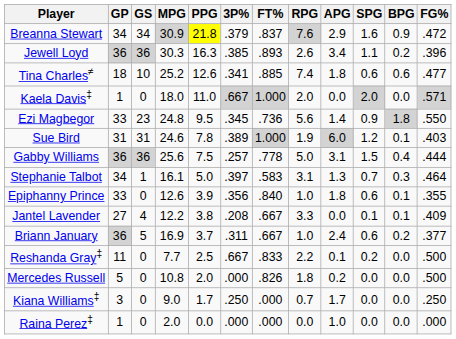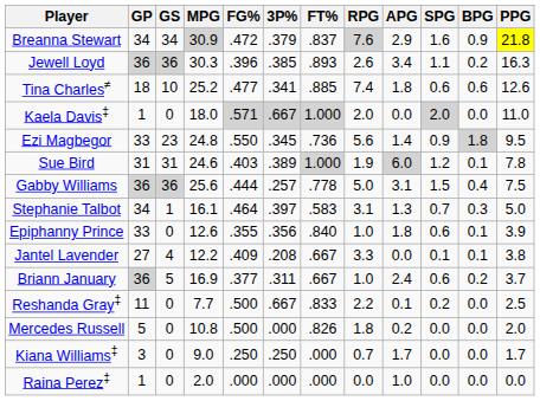 <table class="wikitable sortable" style="text-align:center">
 <tr>
 <th>Player</th>
 <th>GP</th>
 <th>GS</th>
 <th>MPG</th>
-<th>PPG</th>
+<th>FG%</th>
 <th>3P%</th>
 <th>FT%</th>
 <th>RPG</th>
 <th>APG</th>
 <th>SPG</th>
 <th>BPG</th>
-<th>FG%</th>
+<th>PPG</th>
 </tr>
 <tr>
 <td><a href='#'>Breanna Stewart</a></td>
 <td>34</td>
 <td>34</td>
 <td style="background:#D3D3D3;">30.9</td>
-<td style="background:yellow;">21.8</td>
+<td>.472</td>
 <td>.379</td>
 <td>.837</td>
 <td style="background:#D3D3D3;">7.6</td>
 <td>2.9</td>
 <td>1.6</td>
 <td>0.9</td>
-<td>.472</td>
+<td style="background:yellow;">21.8</td>
 </tr>
 <tr>
 <td><a href='#'>Jewell Loyd</a></td>
 <td style="background:#D3D3D3;">36</td>
 <td style="background:#D3D3D3;">36</td>
 <td>30.3</td>
-<td>16.3</td>
+<td>.396</td>
 <td>.385</td>
 <td>.893</td>
 <td>2.6</td>
 <td>3.4</td>
 <td>1.1</td>
 <td>0.2</td>
-<td>.396</td>
+<td>16.3</td>
 </tr>
 <tr>
 <td><a href='#'>Tina Charles</a><sup>≠</sup></td>
 <td>18</td>
 <td>10</td>
 <td>25.2</td>
-<td>12.6</td>
+<td>.477</td>
 <td>.341</td>
 <td>.885</td>
 <td>7.4</td>
 <td>1.8</td>
 <td>0.6</td>
 <td>0.6</td>
-<td>.477</td>
+<td>12.6</td>
 </tr>
 <tr>
 <td><a href='#'>Kaela Davis</a><sup>‡</sup></td>
 <td>1</td>
 <td>0</td>
 <td>18.0</td>
-<td>11.0</td>
+<td style="background:#D3D3D3;">.571</td>
 <td style="background:#D3D3D3;">.667</td>
 <td style="background:#D3D3D3;">1.000</td>
 <td>2.0</td>
 <td>0.0</td>
 <td style="background:#D3D3D3;">2.0</td>
 <td>0.0</td>
-<td style="background:#D3D3D3;">.571</td>
+<td>11.0</td>
 </tr>
 <tr>
 <td><a href='#'>Ezi Magbegor</a></td>
 <td>33</td>
 <td>23</td>
 <td>24.8</td>
-<td>9.5</td>
+<td>.550</td>
 <td>.345</td>
 <td>.736</td>
 <td>5.6</td>
 <td>1.4</td>
 <td>0.9</td>
 <td style="background:#D3D3D3;">1.8</td>
-<td>.550</td>
+<td>9.5</td>
 </tr>
 <tr>
 <td><a href='#'>Sue Bird</a></td>
 <td>31</td>
 <td>31</td>
 <td>24.6</td>
-<td>7.8</td>
+<td>.403</td>
 <td>.389</td>
 <td style="background:#D3D3D3;">1.000</td>
 <td>1.9</td>
 <td style="background:#D3D3D3;">6.0</td>
 <td>1.2</td>
 <td>0.1</td>
-<td>.403</td>
+<td>7.8</td>
 </tr>
 <tr>
 <td><a href='#'>Gabby Williams</a></td>
 <td style="background:#D3D3D3;">36</td>
 <td style="background:#D3D3D3;">36</td>
 <td>25.6</td>
-<td>7.5</td>
+<td>.444</td>
 <td>.257</td>
 <td>.778</td>
 <td>5.0</td>
 <td>3.1</td>
 <td>1.5</td>
 <td>0.4</td>
-<td>.444</td>
+<td>7.5</td>
 </tr>
 <tr>
 <td><a href='#'>Stephanie Talbot</a></td>
 <td>34</td>
 <td>1</td>
 <td>16.1</td>
-<td>5.0</td>
+<td>.464</td>
 <td>.397</td>
 <td>.583</td>
 <td>3.1</td>
 <td>1.3</td>
 <td>0.7</td>
 <td>0.3</td>
-<td>.464</td>
+<td>5.0</td>
 </tr>
 <tr>
 <td><a href='#'>Epiphanny Prince</a></td>
 <td>33</td>
 <td>0</td>
 <td>12.6</td>
-<td>3.9</td>
+<td>.355</td>
 <td>.356</td>
 <td>.840</td>
 <td>1.0</td>
 <td>1.8</td>
 <td>0.6</td>
 <td>0.1</td>
-<td>.355</td>
+<td>3.9</td>
 </tr>
 <tr>
 <td><a href='#'>Jantel Lavender</a></td>
 <td>27</td>
 <td>4</td>
 <td>12.2</td>
-<td>3.8</td>
+<td>.409</td>
 <td>.208</td>
 <td>.667</td>
 <td>3.3</td>
 <td>0.0</td>
 <td>0.1</td>
 <td>0.1</td>
-<td>.409</td>
+<td>3.8</td>
 </tr>
 <tr>
 <td><a href='#'>Briann January</a></td>
 <td style="background:#D3D3D3;">36</td>
 <td>5</td>
 <td>16.9</td>
-<td>3.7</td>
+<td>.377</td>
 <td>.311</td>
 <td>.667</td>
 <td>1.0</td>
 <td>2.4</td>
 <td>0.6</td>
 <td>0.2</td>
-<td>.377</td>
+<td>3.7</td>
 </tr>
 <tr>
 <td><a href='#'>Reshanda Gray</a><sup>‡</sup></td>
 <td>11</td>
 <td>0</td>
 <td>7.7</td>
-<td>2.5</td>
+<td>.500</td>
 <td>.667</td>
 <td>.833</td>
 <td>2.2</td>
 <td>0.1</td>
 <td>0.2</td>
 <td>0.0</td>
-<td>.500</td>
+<td>2.5</td>
 </tr>
 <tr>
 <td><a href='#'>Mercedes Russell</a></td>
 <td>5</td>
 <td>0</td>
 <td>10.8</td>
-<td>2.0</td>
+<td>.500</td>
 <td>.000</td>
 <td>.826</td>
 <td>1.8</td>
 <td>0.2</td>
 <td>0.0</td>
 <td>0.0</td>
-<td>.500</td>
+<td>2.0</td>
 </tr>
 <tr>
 <td><a href='#'>Kiana Williams</a><sup>‡</sup></td>
 <td>3</td>
 <td>0</td>
 <td>9.0</td>
-<td>1.7</td>
+<td>.250</td>
 <td>.250</td>
 <td>.000</td>
 <td>0.7</td>
 <td>1.7</td>
 <td>0.0</td>
 <td>0.0</td>
-<td>.250</td>
+<td>1.7</td>
 </tr>
 <tr>
 <td><a href='#'>Raina Perez</a><sup>‡</sup></td>
 <td>1</td>
 <td>0</td>
 <td>2.0</td>
-<td>0.0</td>
+<td>.000</td>
 <td>.000</td>
 <td>.000</td>
 <td>0.0</td>
 <td>1.0</td>
 <td>0.0</td>
 <td>0.0</td>
-<td>.000</td>
+<td>0.0</td>
 </tr>
 </table>
